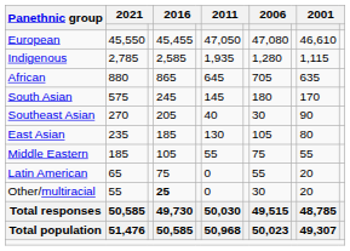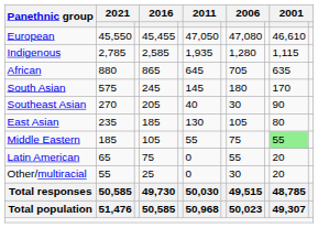 <table class="wikitable collapsible sortable">
 <tr>
 <th rowspan="2"><a href='#'>Panethnic</a> group</th>
 <th colspan="2">2021</th>
 <th colspan="2">2016</th>
 <th colspan="2">2011</th>
 <th colspan="2">2006</th>
 <th colspan="2">2001</th>
 </tr>
 <tr>
 <th><a href='#'></a></th>
 <th></th>
 <th></th>
 <th></th>
 <th></th>
 <th></th>
 <th></th>
 <th></th>
 <th></th>
 <th></th>
 </tr>
 <tr>
 <td><a href='#'>European</a></td>
 <td>45,550</td>
 <td></td>
 <td>45,455</td>
 <td></td>
 <td>47,050</td>
 <td></td>
 <td>47,080</td>
 <td></td>
 <td>46,610</td>
 <td></td>
 </tr>
 <tr>
 <td><a href='#'>Indigenous</a></td>
 <td>2,785</td>
 <td></td>
 <td>2,585</td>
 <td></td>
 <td>1,935</td>
 <td></td>
 <td>1,280</td>
 <td></td>
 <td>1,115</td>
 <td></td>
 </tr>
 <tr>
 <td><a href='#'>African</a></td>
 <td>880</td>
 <td></td>
 <td>865</td>
 <td></td>
 <td>645</td>
 <td></td>
 <td>705</td>
 <td></td>
 <td>635</td>
 <td></td>
 </tr>
 <tr>
 <td><a href='#'>South Asian</a></td>
 <td>575</td>
 <td></td>
 <td>245</td>
 <td></td>
 <td>145</td>
 <td></td>
 <td>180</td>
 <td></td>
 <td>170</td>
 <td></td>
 </tr>
 <tr>
 <td><a href='#'>Southeast Asian</a></td>
 <td>270</td>
 <td></td>
 <td>205</td>
 <td></td>
 <td>40</td>
 <td></td>
 <td>30</td>
 <td></td>
 <td>90</td>
 <td></td>
 </tr>
 <tr>
 <td><a href='#'>East Asian</a></td>
 <td>235</td>
 <td></td>
 <td>185</td>
 <td></td>
 <td>130</td>
 <td></td>
 <td>105</td>
 <td></td>
 <td>80</td>
 <td></td>
 </tr>
 <tr>
 <td><a href='#'>Middle Eastern</a></td>
 <td>185</td>
 <td></td>
 <td>105</td>
 <td></td>
 <td>55</td>
 <td></td>
 <td>75</td>
 <td></td>
-<td>55</td>
+<td style="background: lightgreen;">55</td>
 <td></td>
 </tr>
 <tr>
 <td><a href='#'>Latin American</a></td>
 <td>65</td>
 <td></td>
 <td>75</td>
 <td></td>
 <td>0</td>
 <td></td>
 <td>55</td>
 <td></td>
 <td>20</td>
 <td></td>
 </tr>
 <tr>
 <td>Other/<a href='#'>multiracial</a></td>
 <td>55</td>
 <td></td>
-<td><strong>25</strong></td>
+<td>25</td>
 <td></td>
 <td>0</td>
 <td></td>
 <td>30</td>
 <td></td>
 <td>20</td>
 <td></td>
 </tr>
 <tr>
 <th>Total responses</th>
 <th>50,585</th>
 <th></th>
 <th>49,730</th>
 <th></th>
 <th>50,030</th>
 <th></th>
 <th>49,515</th>
 <th></th>
 <th>48,785</th>
 <th></th>
 </tr>
 <tr class="sortbottom">
 <th>Total population</th>
 <th>51,476</th>
 <th></th>
 <th>50,585</th>
 <th></th>
 <th>50,968</th>
 <th></th>
 <th>50,023</th>
 <th></th>
 <th>49,307</th>
 <th></th>
 </tr>
 <tr class="sortbottom">
 <td colspan="11"></td>
 </tr>
 </table>
